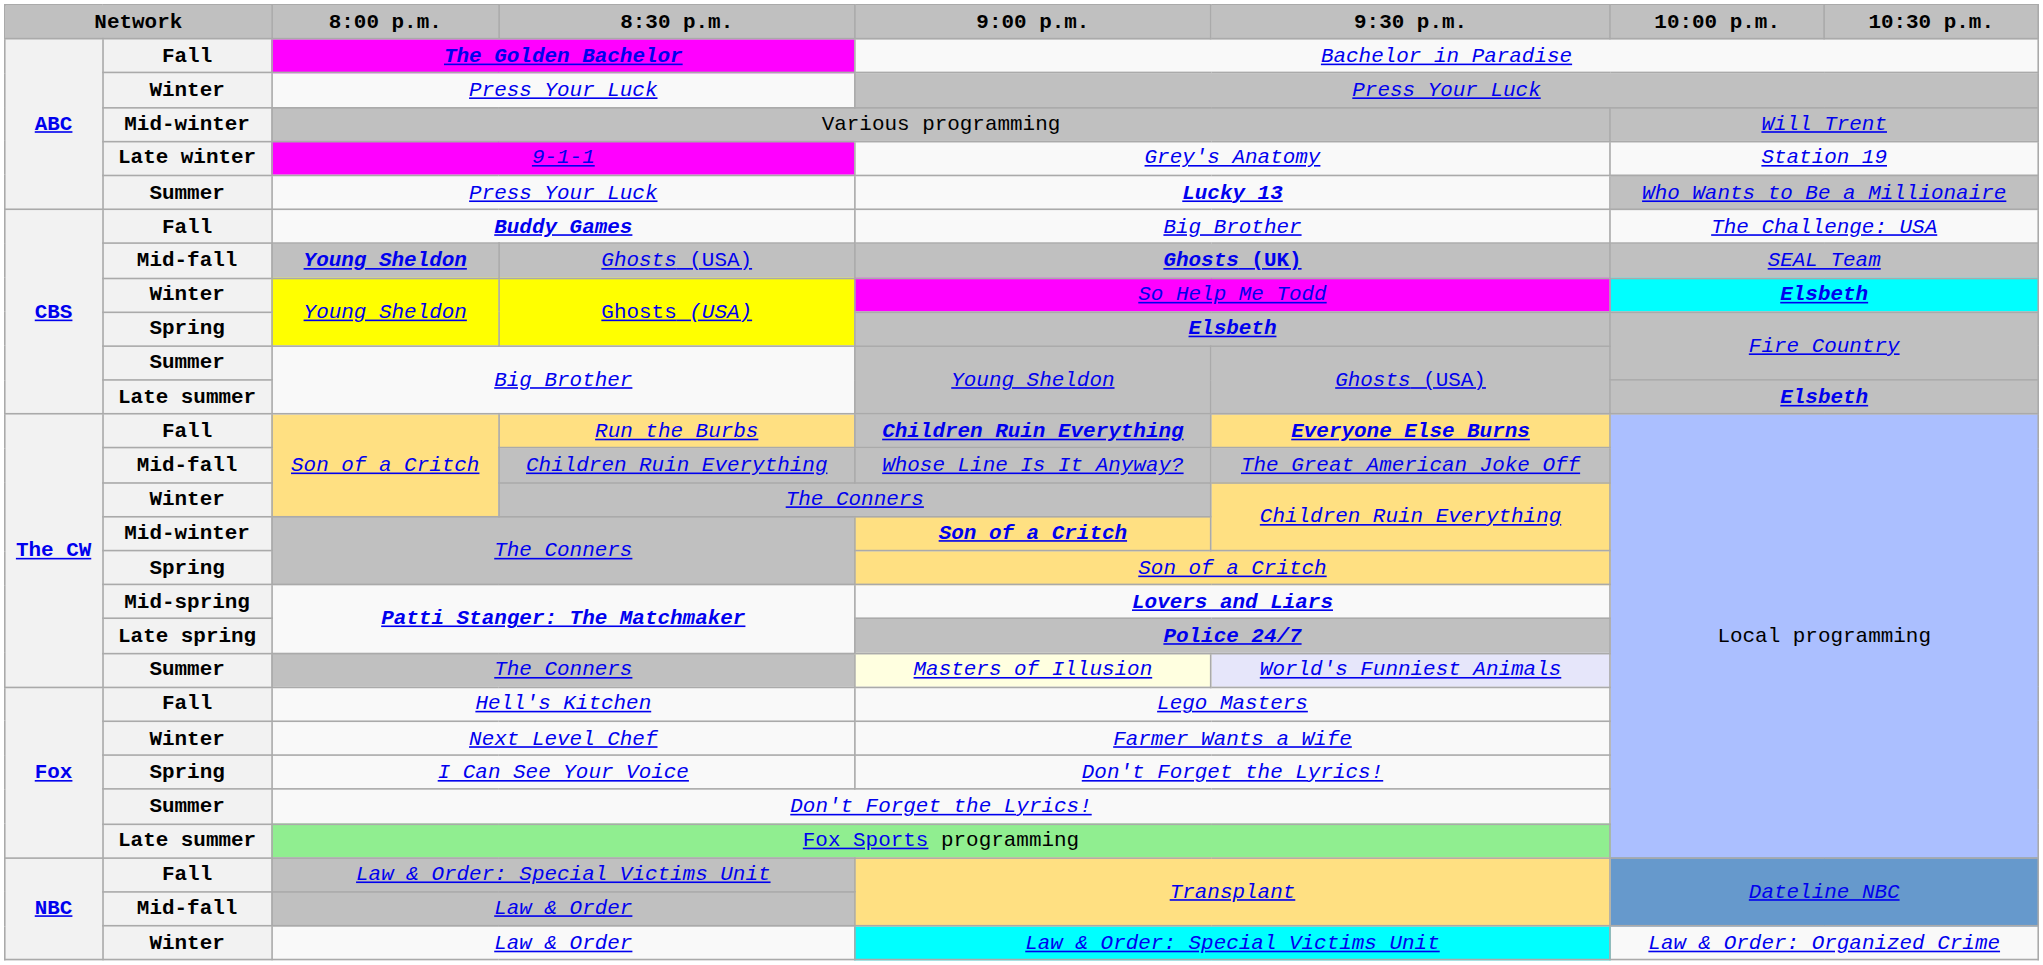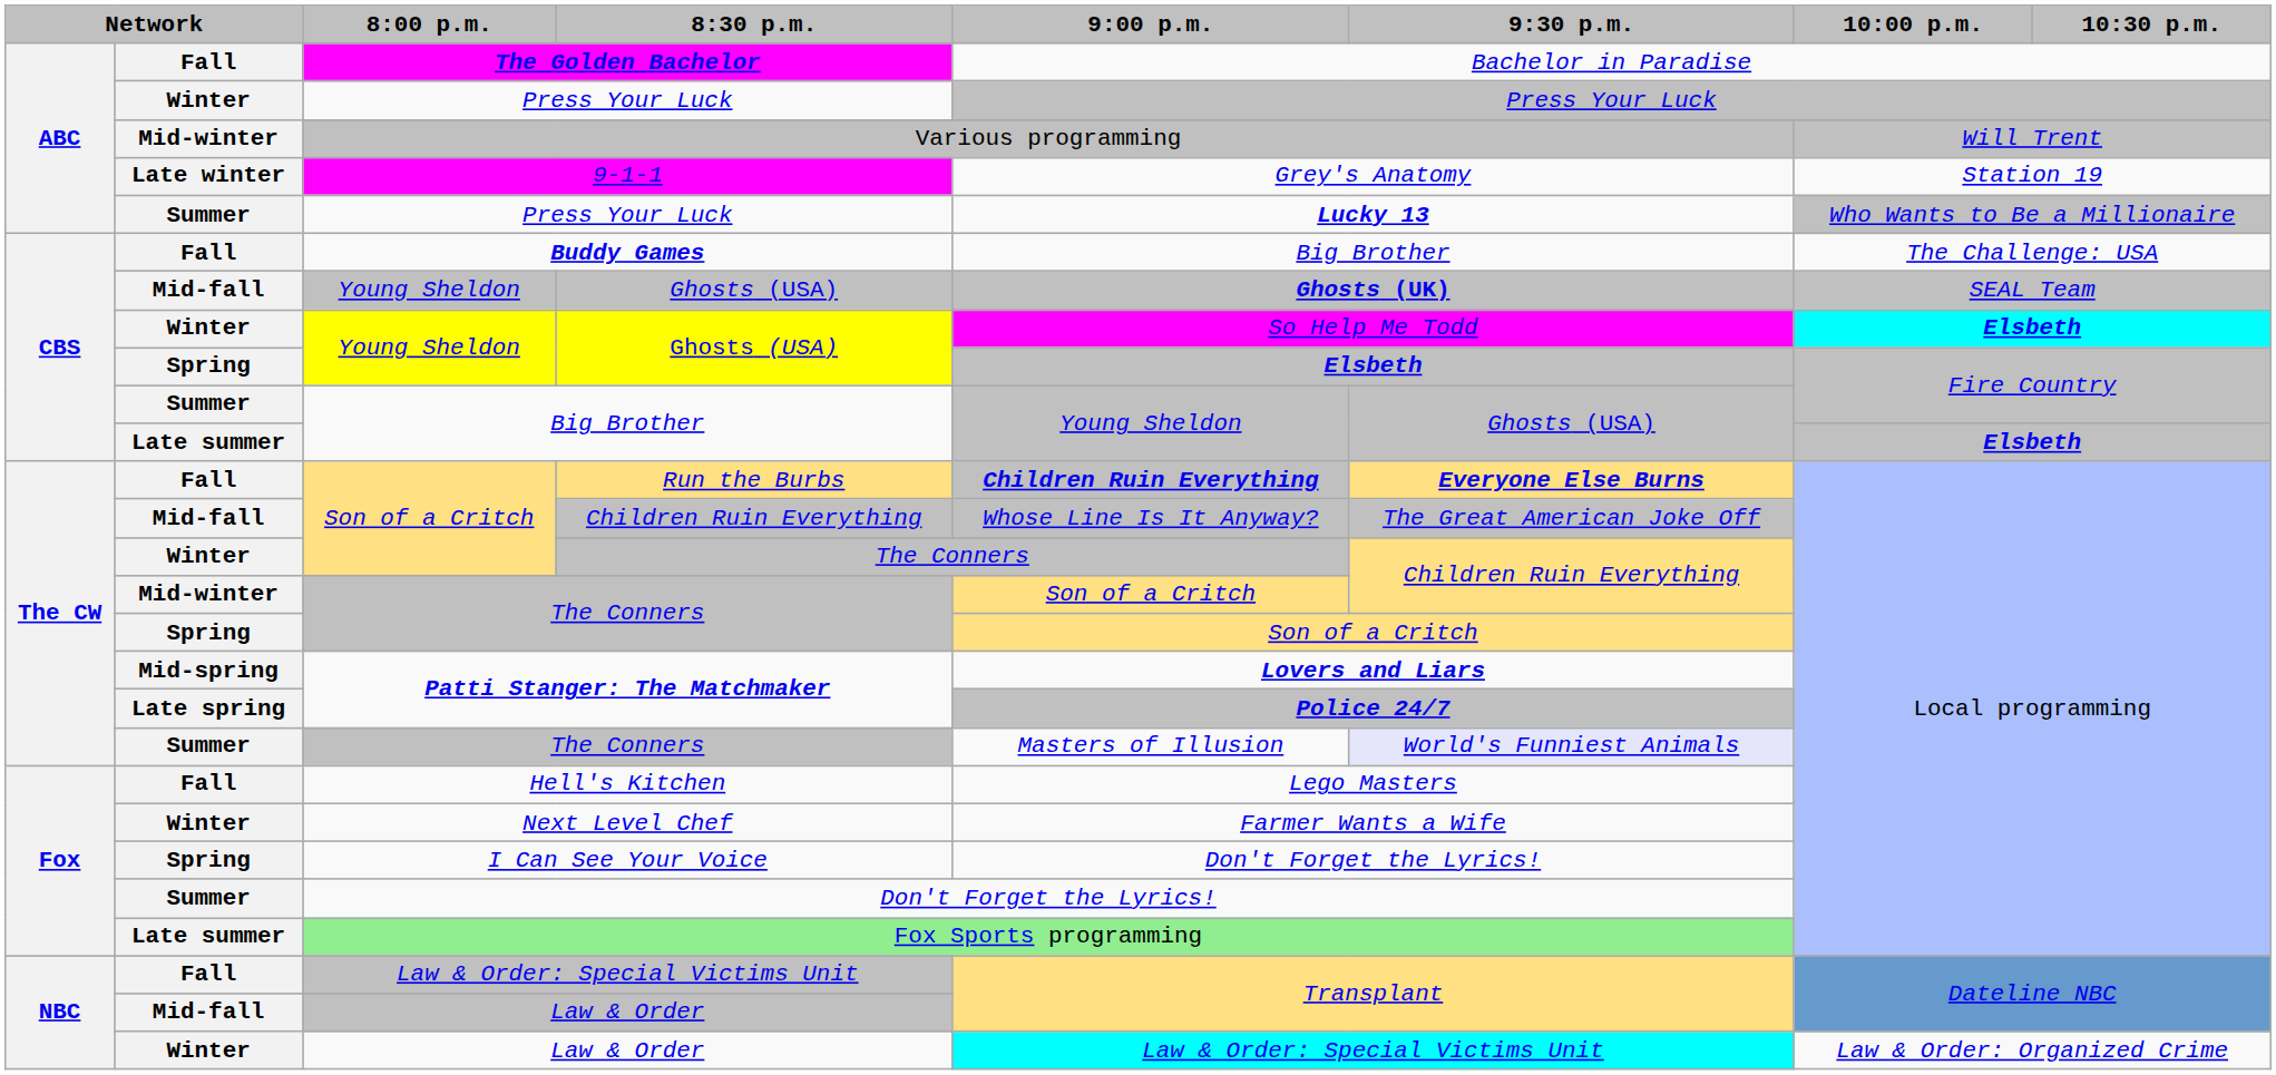 <table class="wikitable" style="width:100%;margin-right:0;text-align:center">
 <tr>
 <th colspan="2" style="background-color:#C0C0C0;text-align:center">Network</th>
 <th style="background-color:#C0C0C0;text-align:center">8:00 p.m.</th>
 <th style="background-color:#C0C0C0;text-align:center">8:30 p.m.</th>
 <th style="background-color:#C0C0C0;text-align:center">9:00 p.m.</th>
 <th style="background-color:#C0C0C0;text-align:center">9:30 p.m.</th>
 <th style="background-color:#C0C0C0;text-align:center">10:00 p.m.</th>
 <th style="background-color:#C0C0C0;text-align:center">10:30 p.m.</th>
 </tr>
 <tr>
 <th rowspan="5"><a href='#'>ABC</a></th>
 <th>Fall</th>
 <td colspan="2" style="background:magenta;"><strong><em><a href='#'>The Golden Bachelor</a></em></strong> </td>
 <td colspan="4"><em><a href='#'>Bachelor in Paradise</a></em></td>
 </tr>
 <tr>
 <th>Winter</th>
 <td colspan="2"><em><a href='#'>Press Your Luck</a></em></td>
 <td colspan="4" style="background:#C0C0C0;"><em><a href='#'>Press Your Luck</a></em> </td>
 </tr>
 <tr>
 <th>Mid-winter</th>
 <td colspan="4" style="background:#C0C0C0;">Various programming</td>
 <td colspan="2" style="background:#C0C0C0;"><em><a href='#'>Will Trent</a></em> </td>
 </tr>
 <tr>
 <th>Late winter</th>
 <td colspan="2" style="background:magenta;"><em><a href='#'>9-1-1</a></em> </td>
 <td colspan="2"><em><a href='#'>Grey's Anatomy</a></em></td>
 <td colspan="2"><em><a href='#'>Station 19</a></em></td>
 </tr>
 <tr>
 <th>Summer</th>
 <td colspan="2"><em><a href='#'>Press Your Luck</a></em></td>
 <td colspan="2"><strong><em><a href='#'>Lucky 13</a></em></strong></td>
 <td colspan="2" style="background:#C0C0C0;"><em><a href='#'>Who Wants to Be a Millionaire</a></em> </td>
 </tr>
 <tr>
 <th rowspan="6"><a href='#'>CBS</a></th>
 <th>Fall</th>
 <td colspan="2"><strong><em><a href='#'>Buddy Games</a></em></strong></td>
 <td colspan="2"><em><a href='#'>Big Brother</a></em></td>
 <td colspan="2"><em><a href='#'>The Challenge: USA</a></em></td>
 </tr>
 <tr>
 <th>Mid-fall</th>
-<td style="background:#C0C0C0;"><strong><em><a href='#'>Young Sheldon</a></em> </strong></td>
+<td style="background:#C0C0C0;"><em><a href='#'>Young Sheldon</a></em> </td>
 <td style="background:#C0C0C0;"><a href='#'><em>Ghosts</em> (USA)</a> </td>
 <td colspan="2" style="background:#C0C0C0;"><strong><a href='#'><em>Ghosts</em> (UK)</a></strong> </td>
 <td colspan="2" style="background:#C0C0C0;"><em><a href='#'>SEAL Team</a></em> </td>
 </tr>
 <tr>
 <th>Winter</th>
 <td rowspan="2" style="background:yellow;"><em><a href='#'>Young Sheldon</a></em> </td>
 <td rowspan="2" style="background:yellow;"><em><a href='#'></em>Ghosts<em> (USA)</a></em> </td>
 <td colspan="2" style="background:magenta;"><em><a href='#'>So Help Me Todd</a></em> </td>
 <td colspan="2" style="background:cyan;"><strong><em><a href='#'>Elsbeth</a></em></strong> </td>
 </tr>
 <tr>
 <th>Spring</th>
 <td colspan="2" style="background:#C0C0C0;"><strong><em><a href='#'>Elsbeth</a></em></strong> </td>
 <td rowspan="2" colspan="2" style="background:#C0C0C0;"><em><a href='#'>Fire Country</a></em> </td>
 </tr>
 <tr>
 <th>Summer</th>
 <td rowspan="2" colspan="2"><em><a href='#'>Big Brother</a></em></td>
 <td rowspan="2" style="background:#C0C0C0;"><em><a href='#'>Young Sheldon</a></em> </td>
 <td rowspan="2" style="background:#C0C0C0;"><a href='#'><em>Ghosts</em> (USA)</a> </td>
 </tr>
 <tr>
 <th>Late summer</th>
 <td colspan="2" style="background:#C0C0C0;"><strong><em><a href='#'>Elsbeth</a></em></strong> </td>
 </tr>
 <tr>
 <th rowspan="8"><a href='#'>The CW</a></th>
 <th>Fall</th>
 <td rowspan="3" style="background:#FFE082;"><em><a href='#'>Son of a Critch</a></em></td>
 <td style="background:#FFE082;"><em><a href='#'>Run the Burbs</a></em></td>
 <td style="background:#C0C0C0;"><strong><em><a href='#'>Children Ruin Everything</a></em> </strong></td>
 <td style="background:#FFE082;"><strong><em><a href='#'>Everyone Else Burns</a></em></strong></td>
 <td rowspan="13" colspan="2" style="background:#abbfff;">Local programming</td>
 </tr>
 <tr>
 <th>Mid-fall</th>
 <td style="background:#C0C0C0;"><em><a href='#'>Children Ruin Everything</a></em> </td>
 <td style="background:#C0C0C0;"><em><a href='#'>Whose Line Is It Anyway?</a></em> </td>
 <td style="background:#C0C0C0;"><em><a href='#'>The Great American Joke Off</a></em> </td>
 </tr>
 <tr>
 <th>Winter</th>
 <td colspan="2" style="background:#C0C0C0;"><em><a href='#'>The Conners</a></em> </td>
 <td rowspan="2" style="background:#FFE082;"><em><a href='#'>Children Ruin Everything</a></em></td>
 </tr>
 <tr>
 <th>Mid-winter</th>
 <td rowspan="2" colspan="2" style="background:#C0C0C0;"><em><a href='#'>The Conners</a></em> </td>
-<td style="background:#FFE082;"><strong><em><a href='#'>Son of a Critch</a></em></strong></td>
+<td style="background:#FFE082;"><em><a href='#'>Son of a Critch</a></em></td>
 </tr>
 <tr>
 <th>Spring</th>
 <td colspan="2" style="background:#FFE082;"><em><a href='#'>Son of a Critch</a></em></td>
 </tr>
 <tr>
 <th>Mid-spring</th>
 <td rowspan="2" colspan="2"><strong><em><a href='#'>Patti Stanger: The Matchmaker</a></em></strong></td>
 <td colspan="2"><strong><em><a href='#'>Lovers and Liars</a></em></strong></td>
 </tr>
 <tr>
 <th>Late spring</th>
 <td colspan="2" style="background:#C0C0C0;"><strong><em><a href='#'>Police 24/7</a></em></strong> </td>
 </tr>
 <tr>
 <th>Summer</th>
 <td colspan="2" style="background:#C0C0C0;"><em><a href='#'>The Conners</a></em> </td>
-<td style="background: lightyellow;"><em><a href='#'>Masters of Illusion</a></em></td>
+<td><em><a href='#'>Masters of Illusion</a></em></td>
 <td style="background: lavender;"><em><a href='#'>World's Funniest Animals</a></em></td>
 </tr>
 <tr>
 <th rowspan="5"><a href='#'>Fox</a></th>
 <th>Fall</th>
 <td colspan="2"><em><a href='#'>Hell's Kitchen</a></em></td>
 <td colspan="2"><em><a href='#'>Lego Masters</a></em></td>
 </tr>
 <tr>
 <th>Winter</th>
 <td colspan="2"><em><a href='#'>Next Level Chef</a></em></td>
 <td colspan="2"><em><a href='#'>Farmer Wants a Wife</a></em></td>
 </tr>
 <tr>
 <th>Spring</th>
 <td colspan="2"><em><a href='#'>I Can See Your Voice</a></em></td>
 <td colspan="2"><em><a href='#'>Don't Forget the Lyrics!</a></em></td>
 </tr>
 <tr>
 <th>Summer</th>
 <td colspan="4"><em><a href='#'>Don't Forget the Lyrics!</a></em></td>
 </tr>
 <tr>
 <th>Late summer</th>
 <td colspan="4" style="background:lightgreen"><a href='#'>Fox Sports</a> programming</td>
 </tr>
 <tr>
 <th rowspan="3"><a href='#'>NBC</a></th>
 <th>Fall</th>
 <td colspan="2" style="background:#C0C0C0;"><em><a href='#'>Law & Order: Special Victims Unit</a></em> </td>
 <td rowspan="2" colspan="2" style="background:#FFE082;"><em><a href='#'>Transplant</a></em></td>
 <td rowspan="2" colspan="2" style="background:#6699CC;"><em><a href='#'>Dateline NBC</a></em></td>
 </tr>
 <tr>
 <th>Mid-fall</th>
 <td colspan="2" style="background:#C0C0C0;"><em><a href='#'>Law & Order</a></em> </td>
 </tr>
 <tr>
 <th>Winter</th>
 <td colspan="2"><em><a href='#'>Law & Order</a></em></td>
 <td colspan="2" style="background:cyan;"><em><a href='#'>Law & Order: Special Victims Unit</a></em> </td>
 <td colspan="2"><em><a href='#'>Law & Order: Organized Crime</a></em></td>
 </tr>
 </table>
